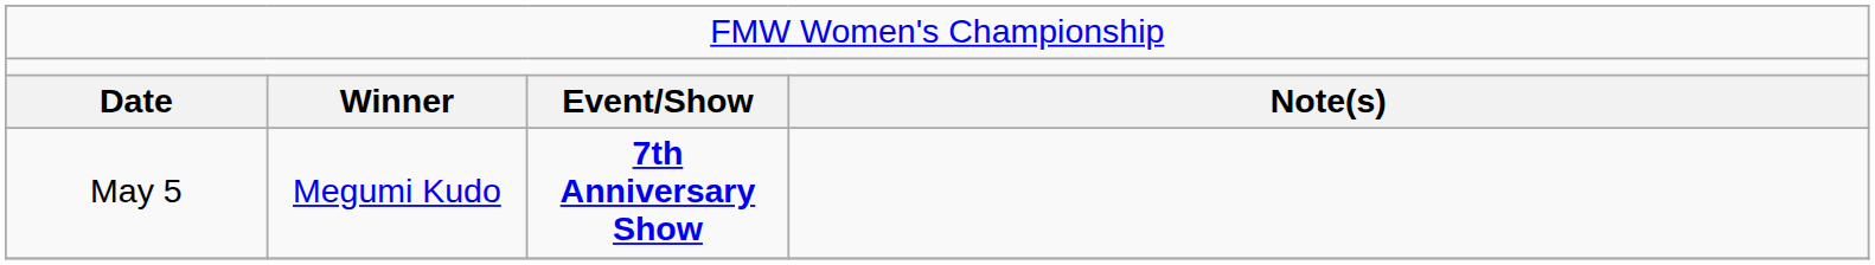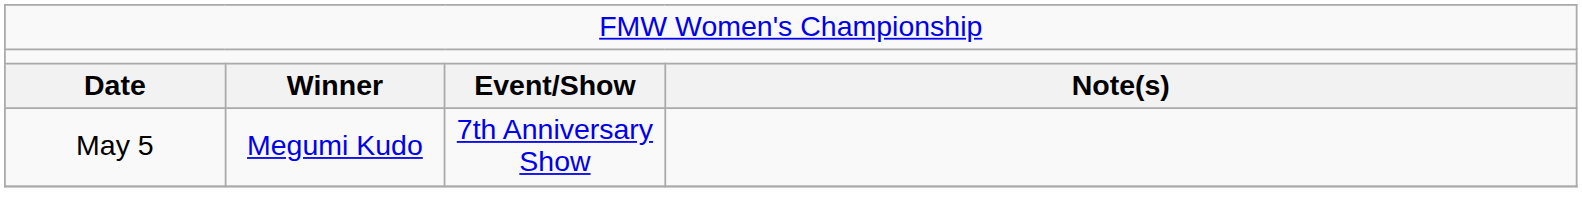 <table class="wikitable" style="text-align:center; width:100%;">
 <tr>
 <td colspan="5"><a href='#'>FMW Women's Championship</a></td>
 </tr>
 <tr>
 <td colspan="5"><strong></strong></td>
 </tr>
 <tr>
 <th width="14%">Date</th>
 <th width="14%">Winner</th>
 <th width="14%">Event/Show</th>
 <th width="58%">Note(s)</th>
 </tr>
 <tr>
 <td>May 5</td>
 <td><a href='#'>Megumi Kudo</a></td>
-<td><strong><a href='#'>7th Anniversary Show</a></strong></td>
+<td><a href='#'>7th Anniversary Show</a></td>
 <td align="left"></td>
 </tr>
 <tr>
 </tr>
 </table>
